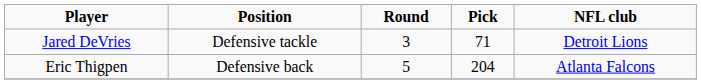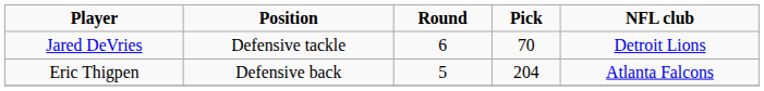 <table class="wikitable" width="80%">
 <tr align="center">
 <td><strong>Player</strong></td>
 <td><strong>Position</strong></td>
 <td><strong>Round</strong></td>
 <td><strong>Pick</strong></td>
 <td><strong>NFL club</strong></td>
 </tr>
 <tr align="center" bgcolor="">
 <td><a href='#'>Jared DeVries</a></td>
 <td>Defensive tackle</td>
-<td>3</td>
-<td>71</td>
+<td>6</td>
+<td>70</td>
 <td><a href='#'>Detroit Lions</a></td>
 </tr>
 <tr align="center" bgcolor="">
 <td>Eric Thigpen</td>
 <td>Defensive back</td>
 <td>5</td>
 <td>204</td>
 <td><a href='#'>Atlanta Falcons</a></td>
 </tr>
 <tr align="center" bgcolor="">
 </tr>
 </table>
